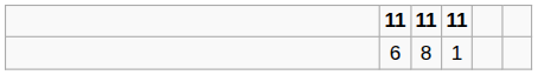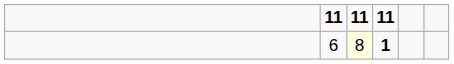 <table class="wikitable">
 <tr>
 <td style="width:18em"><strong></strong></td>
 <td align=center style="width:1em"><strong>11</strong></td>
 <td align=center style="width:1em"><strong>11</strong></td>
 <td align=center style="width:1em"><strong>11</strong></td>
 <td align=center style="width:1em"></td>
 <td align=center style="width:1em"></td>
 </tr>
 <tr>
 <td style="width:18em"></td>
 <td align=center style="width:1em">6</td>
-<td align=center style="width:1em">8</td>
-<td align=center style="width:1em">1</td>
+<td align=center style="background: lightyellow; width:1em">8</td>
+<td align=center style="width:1em"><strong>1</strong></td>
 <td align=center style="width:1em"></td>
 <td align=center style="width:1em"></td>
 </tr>
 </table>
